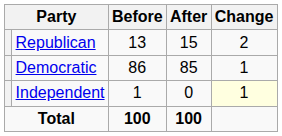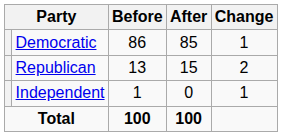 <table class="wikitable" style="text-align:center;">
 <tr>
 <th colspan="2">Party</th>
 <th>Before</th>
 <th>After</th>
 <th>Change</th>
+</tr>
+<tr>
+<th style="background-color:"></th>
+<td style="text-align:left;"><a href='#'>Democratic</a></td>
+<td>86</td>
+<td>85</td>
+<td> 1</td>
 </tr>
 <tr>
 <th style="background-color:"></th>
 <td style="text-align:left;"><a href='#'>Republican</a></td>
 <td>13</td>
 <td>15</td>
 <td> 2</td>
 </tr>
 <tr>
 <th style="background-color:"></th>
-<td style="text-align:left;"><a href='#'>Democratic</a></td>
-<td>86</td>
-<td>85</td>
-<td> 1</td>
-</tr>
-<tr>
-<th style="background-color:"></th>
 <td style="text-align:left;"><a href='#'>Independent</a></td>
 <td>1</td>
 <td>0</td>
-<td style="background: lightyellow;"> 1</td>
+<td> 1</td>
 </tr>
 <tr>
 <td colspan="2"><strong>Total</strong></td>
 <td><strong>100</strong></td>
 <td><strong>100</strong></td>
 <td></td>
 </tr>
 </table>
